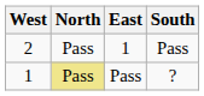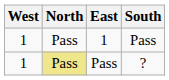 <table class=wikitable style="float:left; margin-top:5px; margin-right:10px;">
 <tr>
 <th>West</th>
 <th>North</th>
 <th>East</th>
 <th>South</th>
 </tr>
 <tr align=center>
-<td>2</td>
+<td>1</td>
 <td>Pass</td>
 <td>1</td>
 <td>Pass</td>
 </tr>
 <tr align=center>
 <td>1</td>
 <td style="background: khaki;">Pass</td>
 <td>Pass</td>
 <td>?</td>
 </tr>
 </table>
